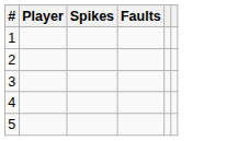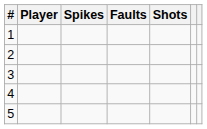 <table class="wikitable sortable" style="text-align:right; display:inline-table; font-size:90%">
 <tr>
 <th>#</th>
 <th>Player</th>
 <th>Spikes</th>
 <th>Faults</th>
+<th>Shots</th>
 <th></th>
 <th></th>
 </tr>
 <tr>
 <td align=center>1</td>
 <td></td>
+<td align=center></td>
 <td align=center></td>
 <td align=center></td>
 <td align=center></td>
 <td align=center></td>
 </tr>
 <tr>
 <td align=center>2</td>
 <td></td>
 <td align=center></td>
 <td align=center></td>
 <td align=center></td>
 <td align=center></td>
+<td align=center></td>
 </tr>
 <tr>
 <td align=center>3</td>
 <td></td>
+<td align=center></td>
 <td align=center></td>
 <td align=center></td>
 <td align=center></td>
 <td align=center></td>
 </tr>
 <tr>
 <td align=center>4</td>
 <td></td>
 <td align=center></td>
 <td align=center></td>
 <td align=center></td>
 <td align=center></td>
+<td align=center></td>
 </tr>
 <tr>
 <td align=center>5</td>
 <td></td>
 <td align=center></td>
 <td align=center></td>
 <td align=center></td>
 <td align=center></td>
+<td align=center></td>
 </tr>
 </table>
